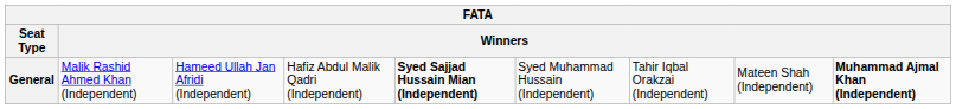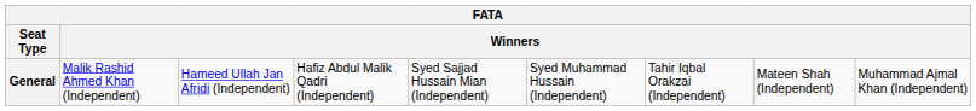 <table class="wikitable">
 <tr>
 <th colspan="9">FATA</th>
 </tr>
 <tr>
 <th>Seat Type</th>
 <th colspan="8">Winners</th>
 </tr>
 <tr>
 <th>General</th>
 <td style="background:"><a href='#'>Malik Rashid Ahmed Khan</a> (Independent)</td>
 <td style="background:"><a href='#'>Hameed Ullah Jan Afridi</a> (Independent)</td>
 <td style="background:">Hafiz Abdul Malik Qadri (Independent)</td>
-<td style="background:"><strong>Syed Sajjad Hussain Mian (Independent)</strong></td>
+<td style="background:">Syed Sajjad Hussain Mian (Independent)</td>
 <td style="background:">Syed Muhammad Hussain (Independent)</td>
 <td style="background:">Tahir Iqbal Orakzai (Independent)</td>
 <td style="background:">Mateen Shah (Independent)</td>
-<td style="background:"><strong>Muhammad Ajmal Khan (Independent)</strong></td>
+<td style="background:">Muhammad Ajmal Khan (Independent)</td>
 </tr>
 </table>
